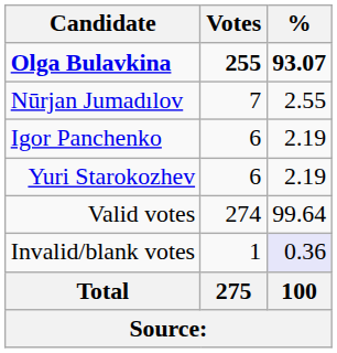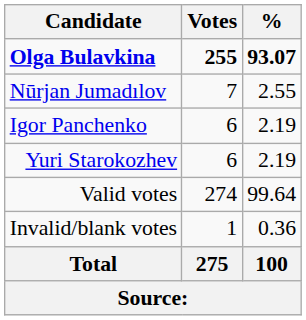 <table class="wikitable" style="text-align:right">
 <tr>
 <th>Candidate</th>
 <th>Votes</th>
 <th>%</th>
 </tr>
 <tr>
 <td align="left"><a href='#'><strong>Olga Bulavkina</strong></a></td>
 <td><strong>255</strong></td>
 <td><strong>93.07</strong></td>
 </tr>
 <tr>
 <td align="left"><a href='#'>Nūrjan Jumadılov</a></td>
 <td>7</td>
 <td>2.55</td>
 </tr>
 <tr>
 <td align="left"><a href='#'>Igor Panchenko</a></td>
 <td>6</td>
 <td>2.19</td>
 </tr>
 <tr>
 <td><a href='#'>Yuri Starokozhev</a></td>
 <td>6</td>
 <td>2.19</td>
 </tr>
 <tr>
 <td>Valid votes</td>
 <td>274</td>
 <td>99.64</td>
 </tr>
 <tr>
 <td>Invalid/blank votes</td>
 <td>1</td>
-<td style="background: lavender;">0.36</td>
+<td>0.36</td>
 </tr>
 <tr>
 <th>Total</th>
 <th>275</th>
 <th>100</th>
 </tr>
 <tr>
 <th colspan="3">Source: </th>
 </tr>
 </table>
